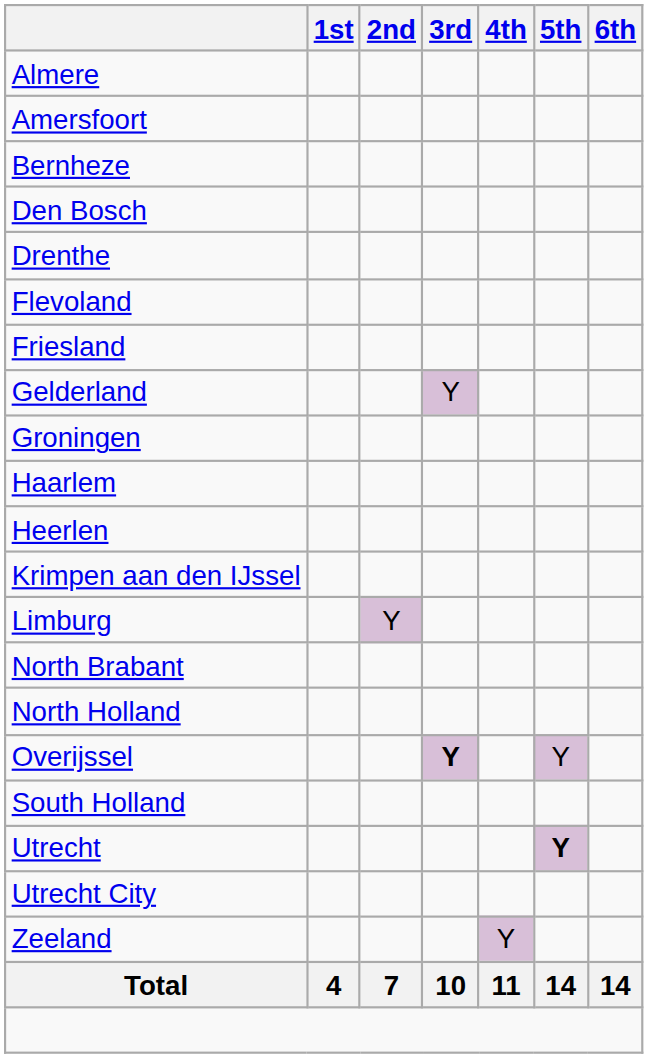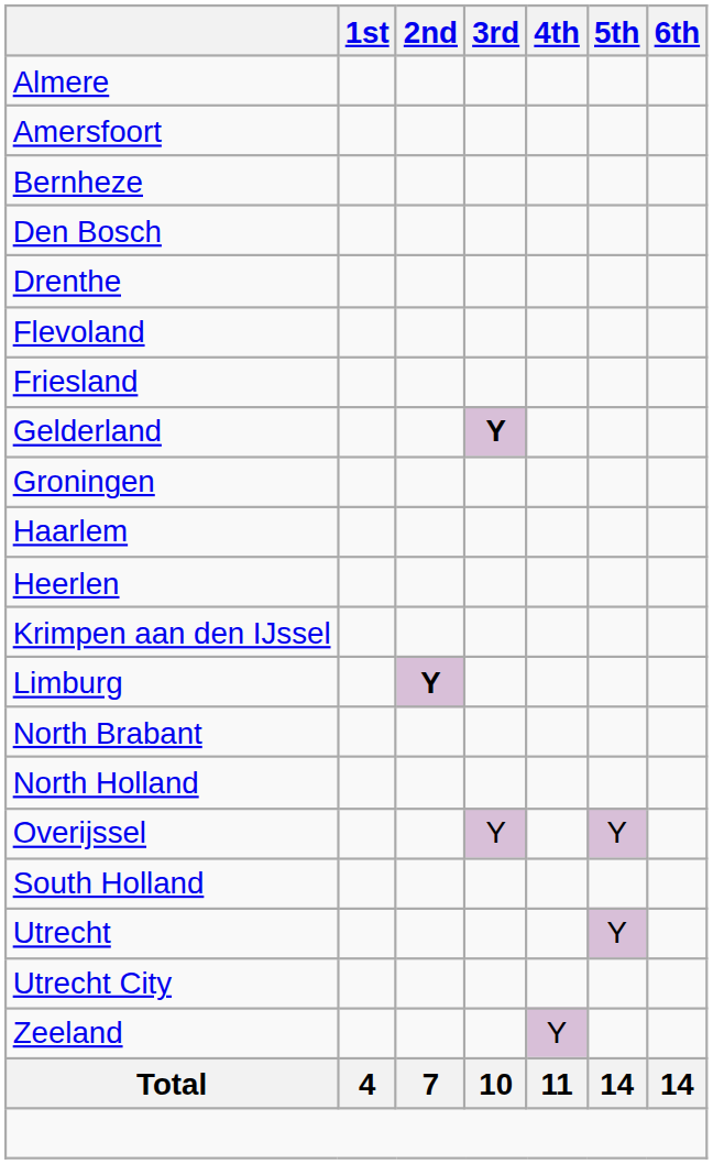 <table class="wikitable sortable" style="font-size: 80%;">
 <tr>
 <th></th>
 <th><a href='#'>1st</a></th>
 <th><a href='#'>2nd</a></th>
 <th><a href='#'>3rd</a></th>
 <th><a href='#'>4th</a></th>
 <th><a href='#'>5th</a></th>
 <th><a href='#'>6th</a></th>
 </tr>
 <tr>
 <td><a href='#'>Almere</a></td>
 <td></td>
 <td></td>
 <td></td>
 <td></td>
 <td></td>
 <td></td>
 </tr>
 <tr>
 <td><a href='#'>Amersfoort</a></td>
 <td></td>
 <td></td>
 <td></td>
 <td></td>
 <td></td>
 <td></td>
 </tr>
 <tr>
 <td><a href='#'>Bernheze</a></td>
 <td></td>
 <td></td>
 <td></td>
 <td></td>
 <td></td>
 <td></td>
 </tr>
 <tr>
 <td><a href='#'>Den Bosch</a></td>
 <td></td>
 <td></td>
 <td></td>
 <td></td>
 <td></td>
 <td></td>
 </tr>
 <tr>
 <td><a href='#'>Drenthe</a></td>
 <td></td>
 <td></td>
 <td></td>
 <td></td>
 <td></td>
 <td></td>
 </tr>
 <tr>
 <td><a href='#'>Flevoland</a></td>
 <td></td>
 <td></td>
 <td></td>
 <td></td>
 <td></td>
 <td></td>
 </tr>
 <tr>
 <td><a href='#'>Friesland</a></td>
 <td></td>
 <td></td>
 <td></td>
 <td></td>
 <td></td>
 <td></td>
 </tr>
 <tr>
 <td><a href='#'>Gelderland</a></td>
 <td></td>
 <td></td>
-<td bgcolor=#D8BFD8 align=center>Y</td>
+<td bgcolor=#D8BFD8 align=center><strong>Y</strong></td>
 <td></td>
 <td></td>
 <td></td>
 </tr>
 <tr>
 <td><a href='#'>Groningen</a></td>
 <td></td>
 <td></td>
 <td></td>
 <td></td>
 <td></td>
 <td></td>
 </tr>
 <tr>
 <td><a href='#'>Haarlem</a></td>
 <td></td>
 <td></td>
 <td></td>
 <td></td>
 <td></td>
 <td></td>
 </tr>
 <tr>
 <td><a href='#'>Heerlen</a></td>
 <td></td>
 <td></td>
 <td></td>
 <td></td>
 <td></td>
 <td></td>
 </tr>
 <tr>
 <td><a href='#'>Krimpen aan den IJssel</a></td>
 <td></td>
 <td></td>
 <td></td>
 <td></td>
 <td></td>
 <td></td>
 </tr>
 <tr>
 <td><a href='#'>Limburg</a></td>
 <td></td>
-<td bgcolor=#D8BFD8 align=center>Y</td>
+<td bgcolor=#D8BFD8 align=center><strong>Y</strong></td>
 <td></td>
 <td></td>
 <td></td>
 <td></td>
 </tr>
 <tr>
 <td><a href='#'>North Brabant</a></td>
 <td></td>
 <td></td>
 <td></td>
 <td></td>
 <td></td>
 <td></td>
 </tr>
 <tr>
 <td><a href='#'>North Holland</a></td>
 <td></td>
 <td></td>
 <td></td>
 <td></td>
 <td></td>
 <td></td>
 </tr>
 <tr>
 <td><a href='#'>Overijssel</a></td>
 <td></td>
 <td></td>
-<td bgcolor=#D8BFD8 align=center><strong>Y</strong></td>
+<td bgcolor=#D8BFD8 align=center>Y</td>
 <td></td>
 <td bgcolor=#D8BFD8 align=center>Y</td>
 <td></td>
 </tr>
 <tr>
 <td><a href='#'>South Holland</a></td>
 <td></td>
 <td></td>
 <td></td>
 <td></td>
 <td></td>
 <td></td>
 </tr>
 <tr>
 <td><a href='#'>Utrecht</a></td>
 <td></td>
 <td></td>
 <td></td>
 <td></td>
-<td bgcolor=#D8BFD8 align=center><strong>Y</strong></td>
+<td bgcolor=#D8BFD8 align=center>Y</td>
 <td></td>
 </tr>
 <tr>
 <td><a href='#'>Utrecht City</a></td>
 <td></td>
 <td></td>
 <td></td>
 <td></td>
 <td></td>
 <td></td>
 </tr>
 <tr>
 <td><a href='#'>Zeeland</a></td>
 <td></td>
 <td></td>
 <td></td>
 <td bgcolor=#D8BFD8 align=center>Y</td>
 <td></td>
 <td></td>
 </tr>
 <tr>
 <th>Total</th>
 <th>4</th>
 <th>7</th>
 <th>10</th>
 <th>11</th>
 <th>14</th>
 <th>14</th>
 </tr>
 <tr>
 <td colspan="9" align=left><br></td>
 </tr>
 </table>
